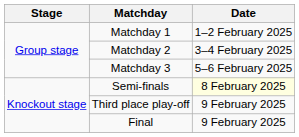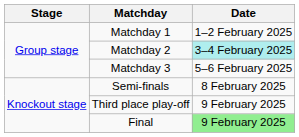 <table class="wikitable" style="text-align:center">
 <tr>
 <th>Stage</th>
 <th>Matchday</th>
 <th>Date</th>
 </tr>
 <tr>
 <td rowspan="3"><a href='#'>Group stage</a></td>
 <td>Matchday 1</td>
 <td>1–2 February 2025</td>
 </tr>
 <tr>
 <td>Matchday 2</td>
-<td>3–4 February 2025</td>
+<td style="background: paleturquoise;">3–4 February 2025</td>
 </tr>
 <tr>
 <td>Matchday 3</td>
 <td>5–6 February 2025</td>
 </tr>
 <tr>
 <td rowspan="3"><a href='#'>Knockout stage</a></td>
 <td>Semi-finals</td>
-<td style="background: lightyellow;">8 February 2025</td>
+<td>8 February 2025</td>
 </tr>
 <tr>
 <td>Third place play-off</td>
 <td>9 February 2025</td>
 </tr>
 <tr>
 <td>Final</td>
-<td>9 February 2025</td>
+<td style="background: lightgreen;">9 February 2025</td>
 </tr>
 </table>
